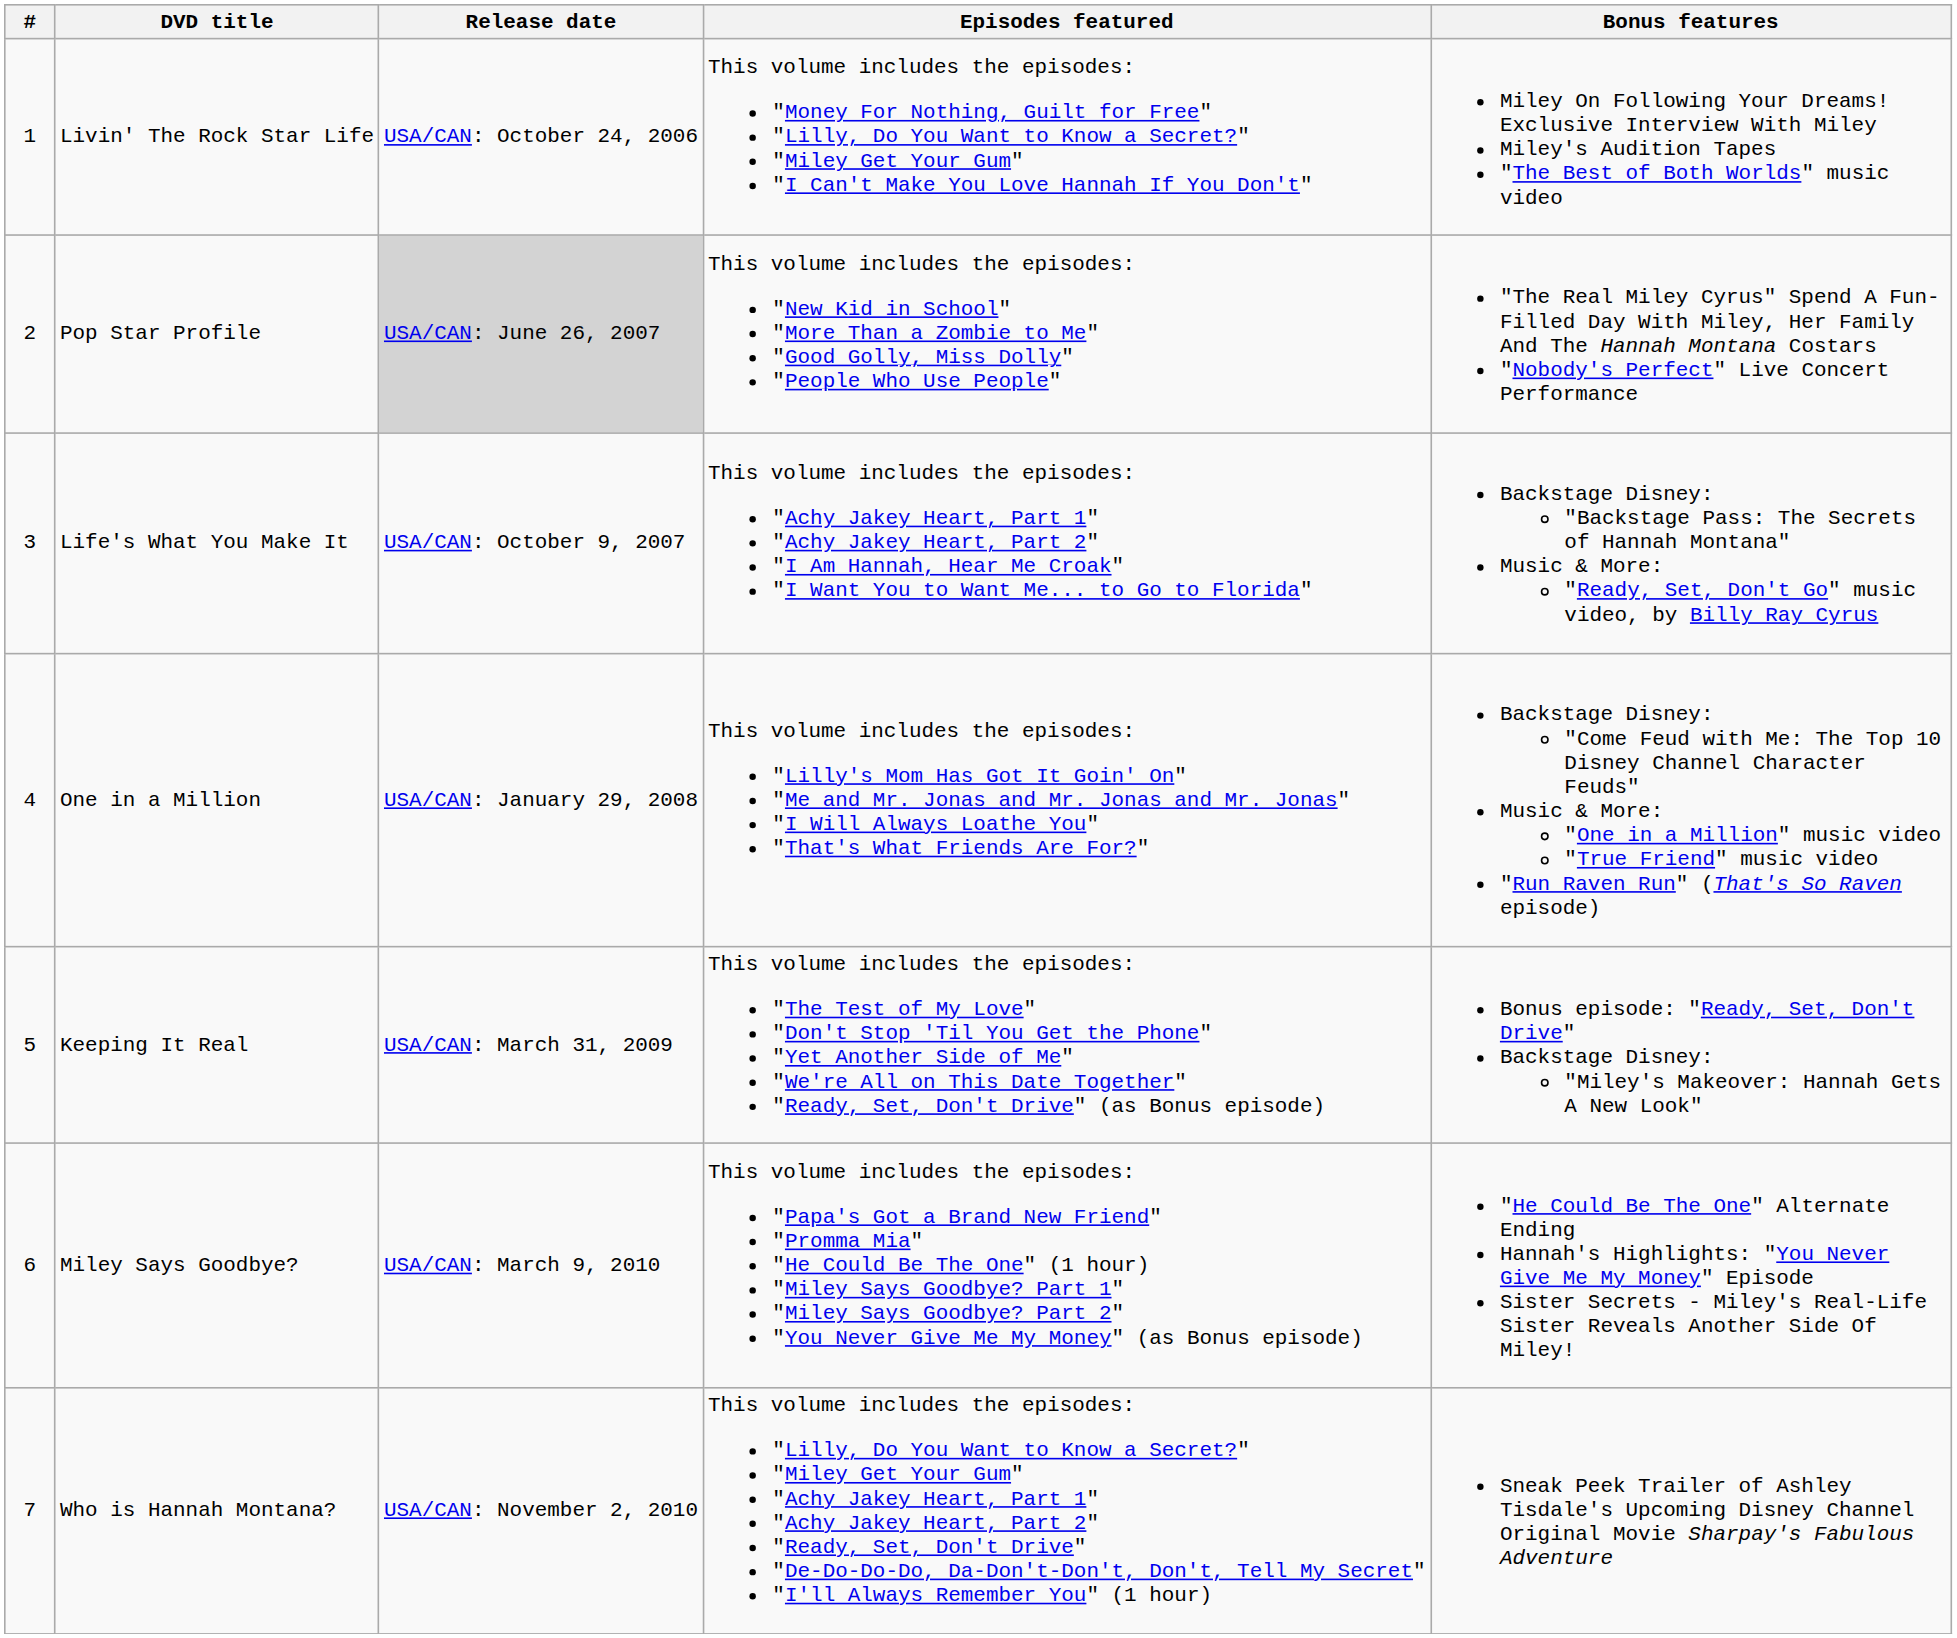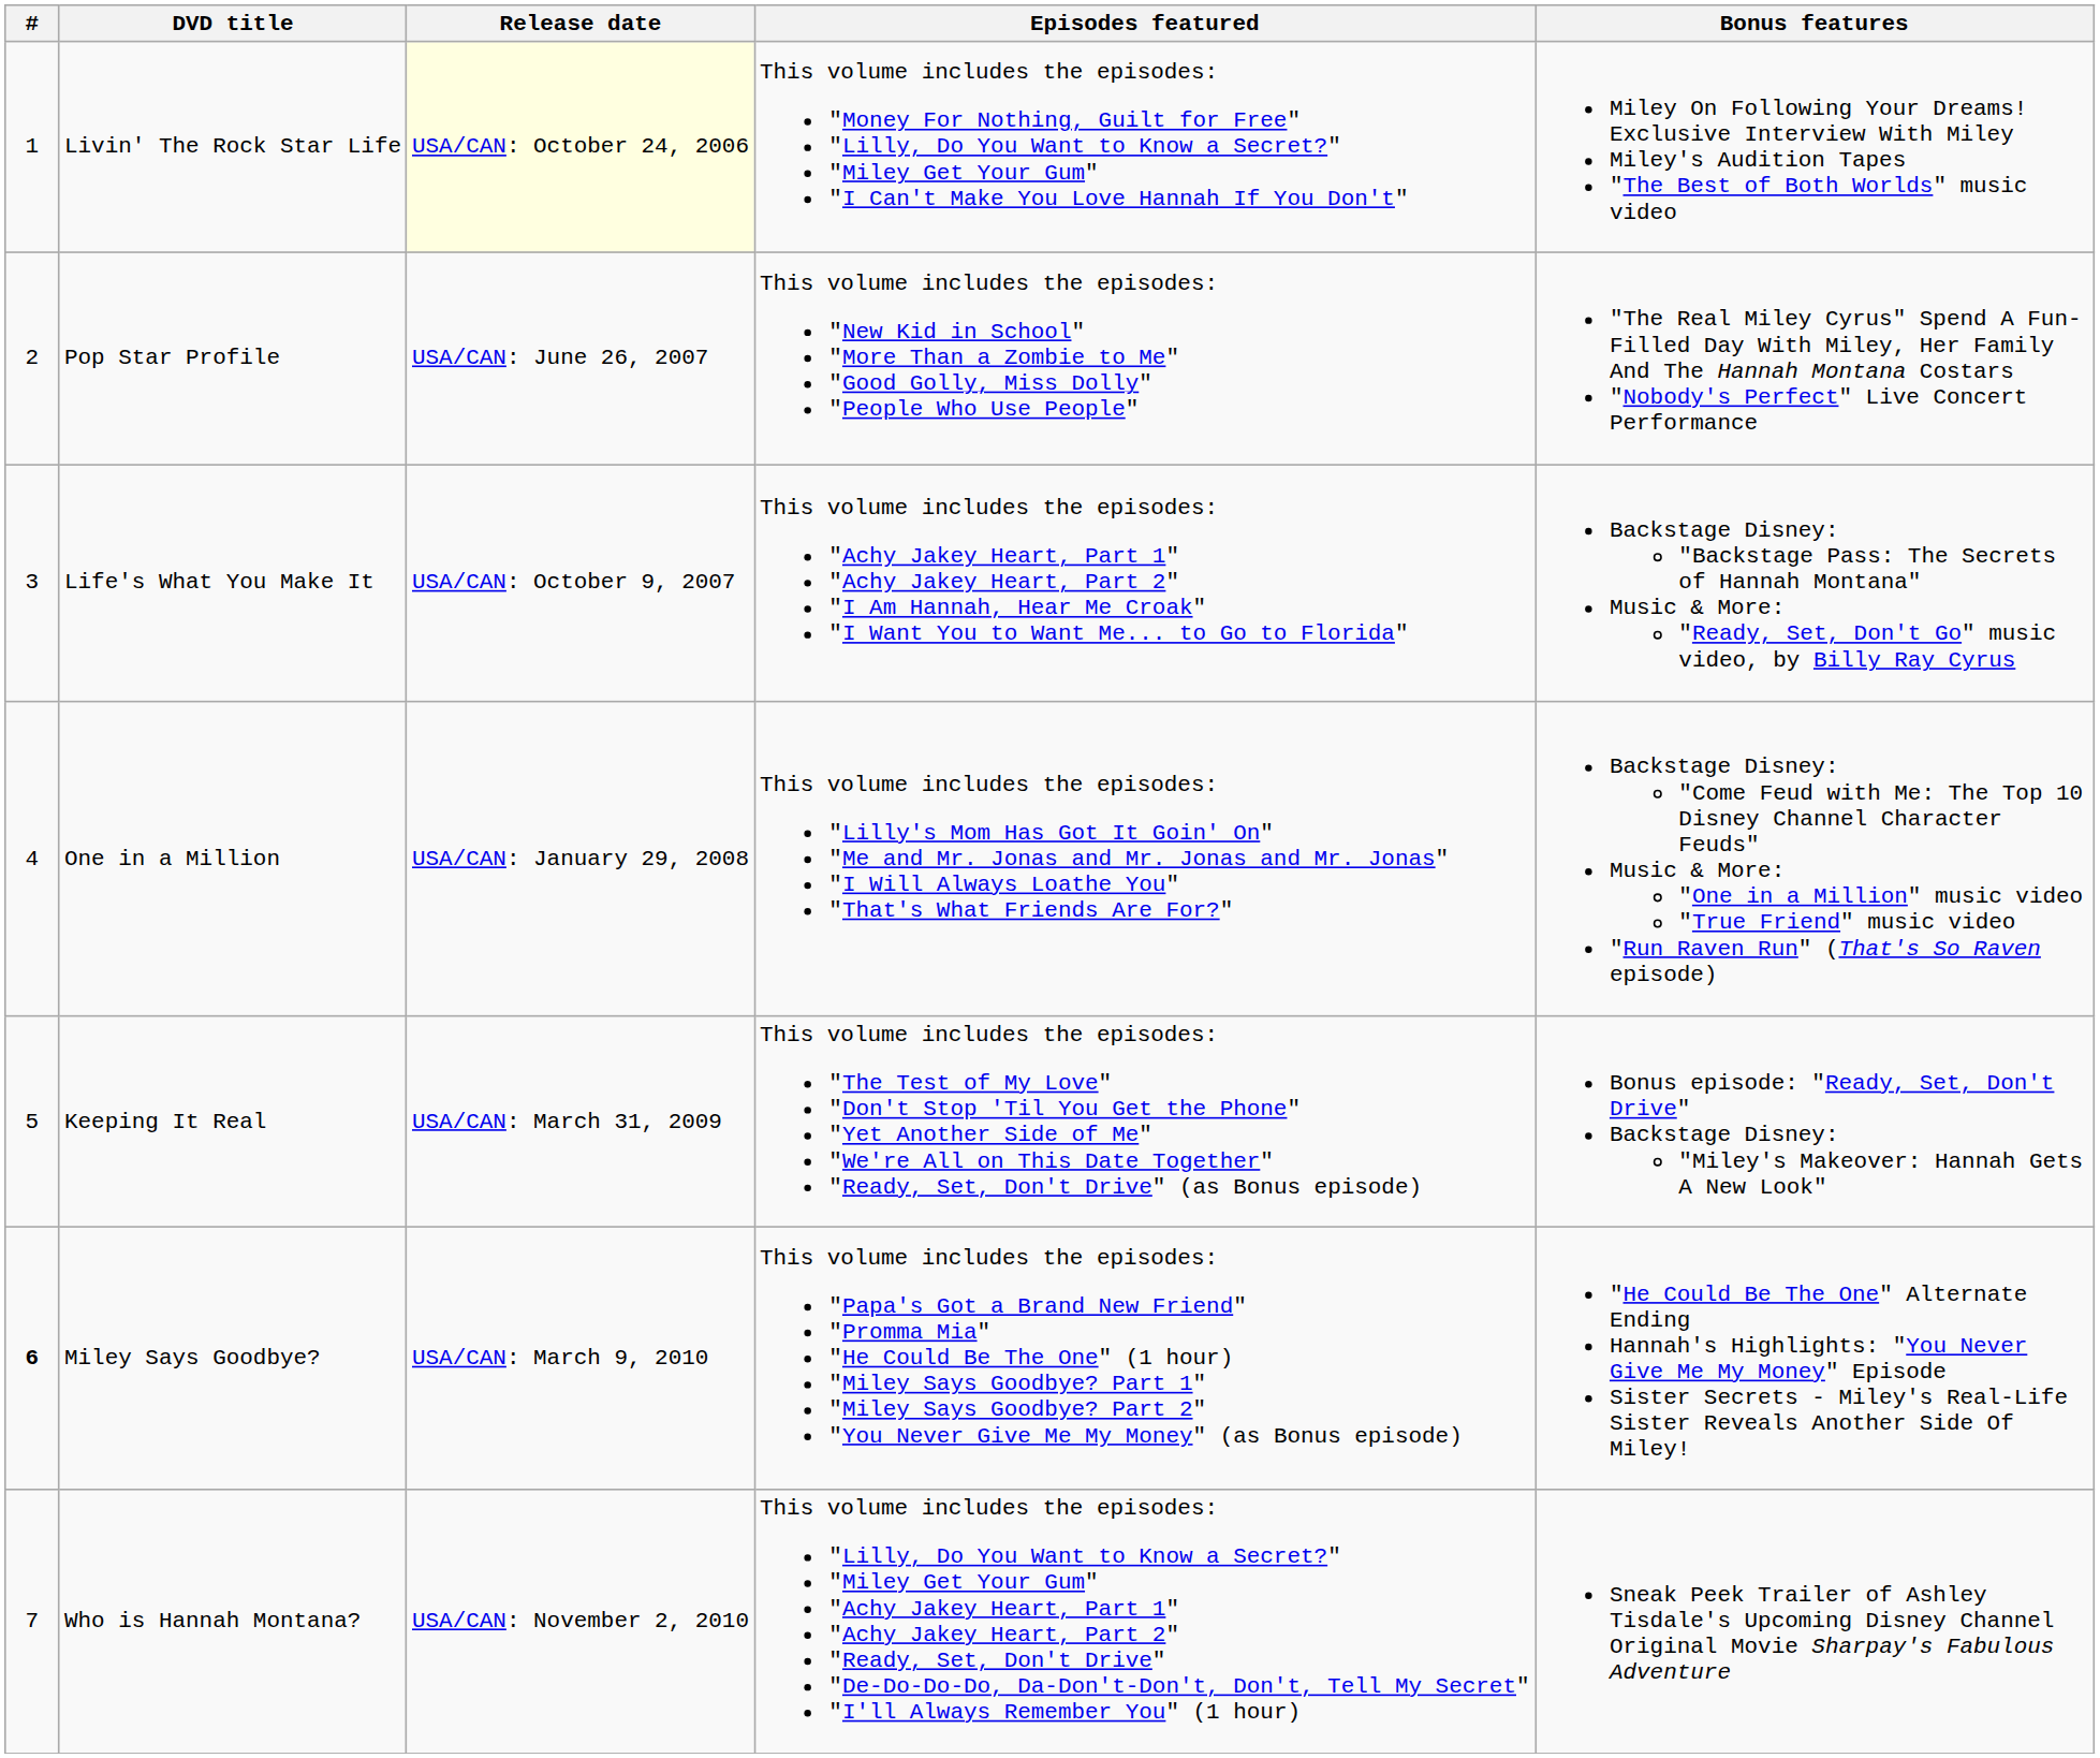 <table class="wikitable">
 <tr>
 <th style="width:25px">#</th>
 <th>DVD title</th>
 <th>Release date</th>
 <th>Episodes featured</th>
 <th style="width:317px">Bonus features</th>
 </tr>
 <tr>
 <td style="text-align:center">1</td>
 <td>Livin' The Rock Star Life</td>
-<td><a href='#'>USA/CAN</a>: October 24, 2006</td>
+<td style="background: lightyellow;"><a href='#'>USA/CAN</a>: October 24, 2006</td>
 <td>This volume includes the episodes:<br><ul><li>"<a href='#'>Money For Nothing, Guilt for Free</a>"</li><li>"<a href='#'>Lilly, Do You Want to Know a Secret?</a>"</li><li>"<a href='#'>Miley Get Your Gum</a>"</li><li>"<a href='#'>I Can't Make You Love Hannah If You Don't</a>"</li></ul></td>
 <td><br><ul><li>Miley On Following Your Dreams! Exclusive Interview With Miley</li><li>Miley's Audition Tapes</li><li>"<a href='#'>The Best of Both Worlds</a>" music video</li></ul></td>
 </tr>
 <tr>
 <td style="text-align:center">2</td>
 <td>Pop Star Profile</td>
-<td style="background: lightgrey;"><a href='#'>USA/CAN</a>: June 26, 2007</td>
+<td><a href='#'>USA/CAN</a>: June 26, 2007</td>
 <td>This volume includes the episodes:<br><ul><li>"<a href='#'>New Kid in School</a>"</li><li>"<a href='#'>More Than a Zombie to Me</a>"</li><li>"<a href='#'>Good Golly, Miss Dolly</a>"</li><li>"<a href='#'>People Who Use People</a>"</li></ul></td>
 <td><br><ul><li>"The Real Miley Cyrus" Spend A Fun-Filled Day With Miley, Her Family And The <em>Hannah Montana</em> Costars</li><li>"<a href='#'>Nobody's Perfect</a>" Live Concert Performance</li></ul></td>
 </tr>
 <tr>
 <td style="text-align:center">3</td>
 <td>Life's What You Make It</td>
 <td><a href='#'>USA/CAN</a>: October 9, 2007</td>
 <td>This volume includes the episodes:<br><ul><li>"<a href='#'>Achy Jakey Heart, Part 1</a>"</li><li>"<a href='#'>Achy Jakey Heart, Part 2</a>"</li><li>"<a href='#'>I Am Hannah, Hear Me Croak</a>"</li><li>"<a href='#'>I Want You to Want Me... to Go to Florida</a>"</li></ul></td>
 <td><br><ul><li>Backstage Disney:<ul><li>"Backstage Pass: The Secrets of Hannah Montana"</li></ul></li><li>Music & More:<ul><li>"<a href='#'>Ready, Set, Don't Go</a>" music video, by <a href='#'>Billy Ray Cyrus</a></li></ul></li></ul></td>
 </tr>
 <tr>
 <td style="text-align:center">4</td>
 <td>One in a Million</td>
 <td><a href='#'>USA/CAN</a>: January 29, 2008</td>
 <td>This volume includes the episodes:<br><ul><li>"<a href='#'>Lilly's Mom Has Got It Goin' On</a>"</li><li>"<a href='#'>Me and Mr. Jonas and Mr. Jonas and Mr. Jonas</a>"</li><li>"<a href='#'>I Will Always Loathe You</a>"</li><li>"<a href='#'>That's What Friends Are For?</a>"</li></ul></td>
 <td><br><ul><li>Backstage Disney:<ul><li>"Come Feud with Me: The Top 10 Disney Channel Character Feuds"</li></ul></li><li>Music & More:<ul><li>"<a href='#'>One in a Million</a>" music video</li><li>"<a href='#'>True Friend</a>" music video</li></ul></li><li>"<a href='#'>Run Raven Run</a>" (<em><a href='#'>That's So Raven</a></em> episode)</li></ul></td>
 </tr>
 <tr>
 <td style="text-align:center">5</td>
 <td>Keeping It Real</td>
 <td><a href='#'>USA/CAN</a>: March 31, 2009</td>
 <td>This volume includes the episodes:<br><ul><li>"<a href='#'>The Test of My Love</a>"</li><li>"<a href='#'>Don't Stop 'Til You Get the Phone</a>"</li><li>"<a href='#'>Yet Another Side of Me</a>"</li><li>"<a href='#'>We're All on This Date Together</a>"</li><li>"<a href='#'>Ready, Set, Don't Drive</a>" (as Bonus episode)</li></ul></td>
 <td><br><ul><li>Bonus episode: "<a href='#'>Ready, Set, Don't Drive</a>"</li><li>Backstage Disney:<ul><li>"Miley's Makeover: Hannah Gets A New Look"</li></ul></li></ul></td>
 </tr>
 <tr>
-<td style="text-align:center">6</td>
+<td style="text-align:center"><strong>6</strong></td>
 <td>Miley Says Goodbye?</td>
 <td><a href='#'>USA/CAN</a>: March 9, 2010</td>
 <td>This volume includes the episodes:<br><ul><li>"<a href='#'>Papa's Got a Brand New Friend</a>"</li><li>"<a href='#'>Promma Mia</a>"</li><li>"<a href='#'>He Could Be The One</a>" (1 hour)</li><li>"<a href='#'>Miley Says Goodbye? Part 1</a>"</li><li>"<a href='#'>Miley Says Goodbye? Part 2</a>"</li><li>"<a href='#'>You Never Give Me My Money</a>" (as Bonus episode)</li></ul></td>
 <td><br><ul><li>"<a href='#'>He Could Be The One</a>" Alternate Ending</li><li>Hannah's Highlights: "<a href='#'>You Never Give Me My Money</a>" Episode</li><li>Sister Secrets - Miley's Real-Life Sister Reveals Another Side Of Miley!</li></ul></td>
 </tr>
 <tr>
 <td style="text-align:center">7</td>
 <td>Who is Hannah Montana?</td>
 <td><a href='#'>USA/CAN</a>: November 2, 2010</td>
 <td>This volume includes the episodes:<br><ul><li>"<a href='#'>Lilly, Do You Want to Know a Secret?</a>"</li><li>"<a href='#'>Miley Get Your Gum</a>"</li><li>"<a href='#'>Achy Jakey Heart, Part 1</a>"</li><li>"<a href='#'>Achy Jakey Heart, Part 2</a>"</li><li>"<a href='#'>Ready, Set, Don't Drive</a>"</li><li>"<a href='#'>De-Do-Do-Do, Da-Don't-Don't, Don't, Tell My Secret</a>"</li><li>"<a href='#'>I'll Always Remember You</a>" (1 hour)</li></ul></td>
 <td><br><ul><li>Sneak Peek Trailer of Ashley Tisdale's Upcoming Disney Channel Original Movie <em>Sharpay's Fabulous Adventure</em></li></ul></td>
 </tr>
 <tr>
 </tr>
 </table>
